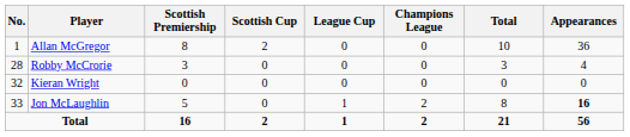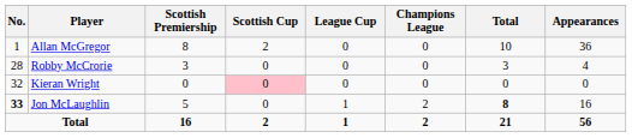 <table class="wikitable sortable alternance" ; style="text-align:center; ">
 <tr>
 <th width=10>No.</th>
 <th width=150>Player</th>
 <th width=100>Scottish Premiership</th>
 <th width=100>Scottish Cup</th>
 <th width=100>League Cup</th>
 <th width=100>Champions League</th>
 <th width=100>Total</th>
 <th width=100>Appearances</th>
 </tr>
 <tr>
 <td>1</td>
 <td align="left"><a href='#'>Allan McGregor</a></td>
 <td>8</td>
 <td>2</td>
 <td>0</td>
 <td>0</td>
 <td>10</td>
 <td>36</td>
 </tr>
 <tr>
 <td>28</td>
 <td align="left"><a href='#'>Robby McCrorie</a></td>
 <td>3</td>
 <td>0</td>
 <td>0</td>
 <td>0</td>
 <td>3</td>
 <td>4</td>
 </tr>
 <tr>
 <td>32</td>
 <td align="left"><a href='#'>Kieran Wright</a></td>
 <td>0</td>
-<td>0</td>
+<td style="background: pink;">0</td>
 <td>0</td>
 <td>0</td>
 <td>0</td>
 <td>0</td>
 </tr>
 <tr>
-<td>33</td>
+<td><strong>33</strong></td>
 <td align="left"><a href='#'>Jon McLaughlin</a></td>
 <td>5</td>
 <td>0</td>
 <td>1</td>
 <td>2</td>
-<td>8</td>
-<td><strong>16</strong></td>
+<td><strong>8</strong></td>
+<td>16</td>
 </tr>
 <tr class="sortbottom">
 <td colspan="2"><strong>Total</strong></td>
 <td><strong>16</strong></td>
 <td><strong>2</strong></td>
 <td><strong>1</strong></td>
 <td><strong>2</strong></td>
 <td><strong>21</strong></td>
 <td><strong>56</strong></td>
 </tr>
 </table>
